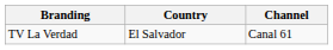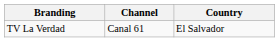 <table class="wikitable sortable float center" style="=width:600px;">
 <tr>
 <th scope="col" style="width: 150px;">Branding</th>
+<th scope="col" style="width: 100px;">Channel</th>
 <th scope="col" style="width: 150px;">Country</th>
-<th scope="col" style="width: 100px;">Channel</th>
 </tr>
 <tr>
 <td>TV La Verdad</td>
+<td>Canal 61</td>
 <td>El Salvador</td>
-<td>Canal 61</td>
 </tr>
 </table>
